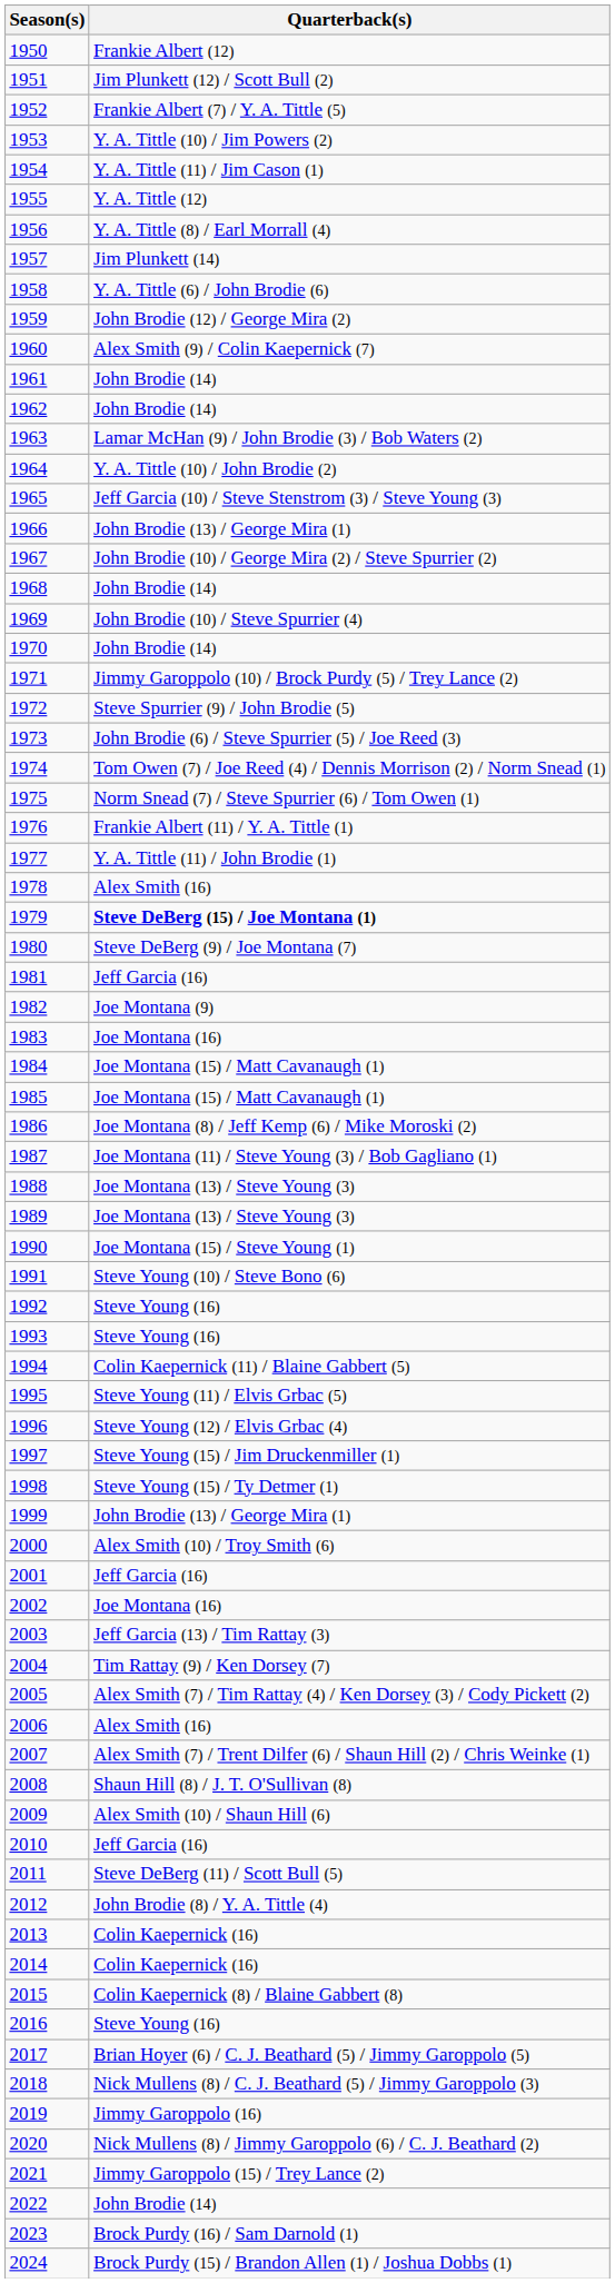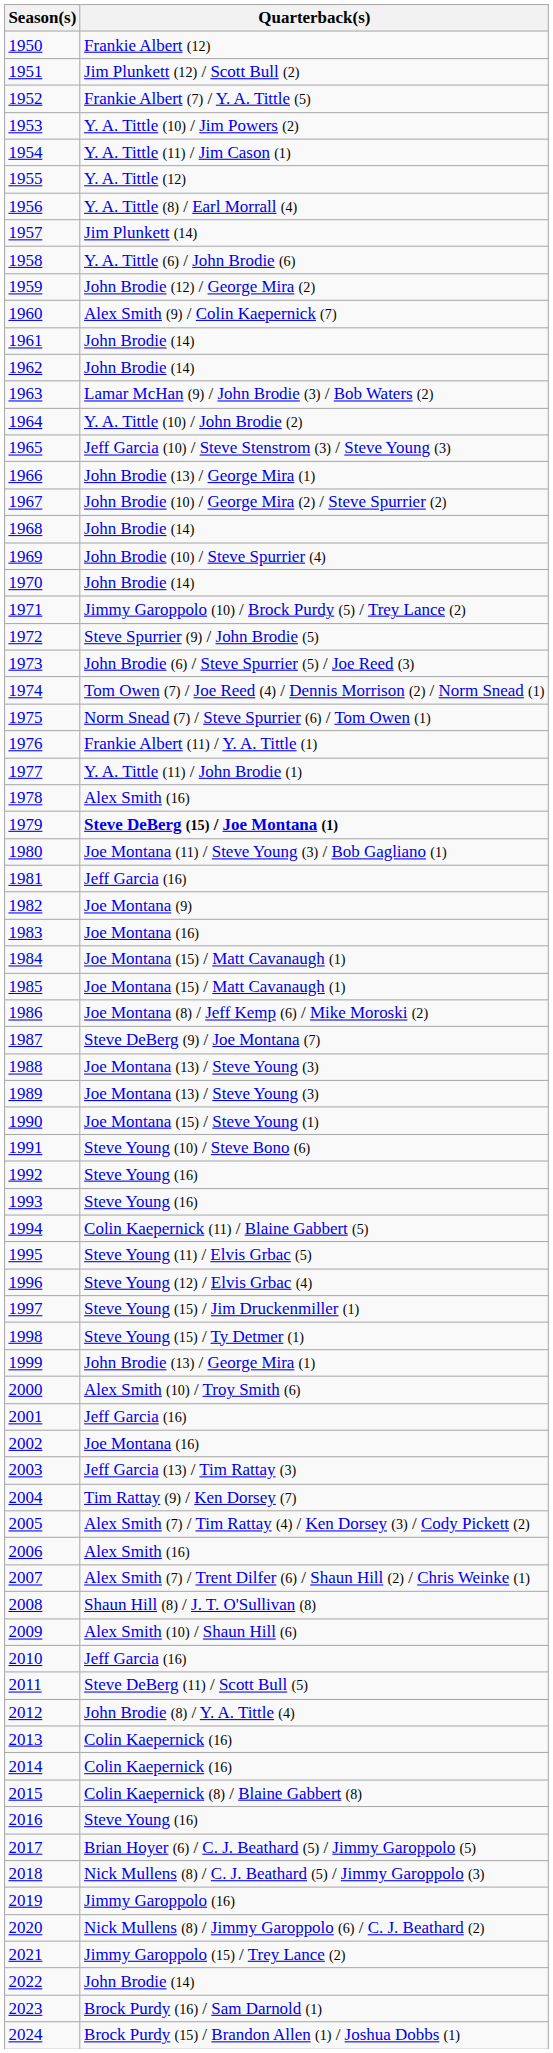 <table class="wikitable">
 <tr>
 <th>Season(s)</th>
 <th>Quarterback(s)</th>
 </tr>
 <tr>
 <td><a href='#'>1950</a></td>
 <td><a href='#'>Frankie Albert</a> <small>(12)</small></td>
 </tr>
 <tr>
 <td><a href='#'>1951</a></td>
 <td><a href='#'>Jim Plunkett</a> <small>(12)</small> / <a href='#'>Scott Bull</a> <small>(2)</small></td>
 </tr>
 <tr>
 <td><a href='#'>1952</a></td>
 <td><a href='#'>Frankie Albert</a> <small>(7)</small> / <a href='#'>Y. A. Tittle</a> <small>(5)</small></td>
 </tr>
 <tr>
 <td><a href='#'>1953</a></td>
 <td><a href='#'>Y. A. Tittle</a> <small>(10)</small> / <a href='#'>Jim Powers</a> <small>(2)</small></td>
 </tr>
 <tr>
 <td><a href='#'>1954</a></td>
 <td><a href='#'>Y. A. Tittle</a> <small>(11)</small> / <a href='#'>Jim Cason</a> <small>(1)</small></td>
 </tr>
 <tr>
 <td><a href='#'>1955</a></td>
 <td><a href='#'>Y. A. Tittle</a> <small>(12)</small></td>
 </tr>
 <tr>
 <td><a href='#'>1956</a></td>
 <td><a href='#'>Y. A. Tittle</a> <small>(8)</small> / <a href='#'>Earl Morrall</a> <small>(4)</small></td>
 </tr>
 <tr>
 <td><a href='#'>1957</a></td>
 <td><a href='#'>Jim Plunkett</a> <small>(14)</small></td>
 </tr>
 <tr>
 <td><a href='#'>1958</a></td>
 <td><a href='#'>Y. A. Tittle</a> <small>(6)</small> / <a href='#'>John Brodie</a> <small>(6)</small></td>
 </tr>
 <tr>
 <td><a href='#'>1959</a></td>
 <td><a href='#'>John Brodie</a> <small>(12)</small> / <a href='#'>George Mira</a> <small>(2)</small></td>
 </tr>
 <tr>
 <td><a href='#'>1960</a></td>
 <td><a href='#'>Alex Smith</a> <small>(9)</small> / <a href='#'>Colin Kaepernick</a> <small>(7)</small></td>
 </tr>
 <tr>
 <td><a href='#'>1961</a></td>
 <td><a href='#'>John Brodie</a> <small>(14)</small></td>
 </tr>
 <tr>
 <td><a href='#'>1962</a></td>
 <td><a href='#'>John Brodie</a> <small>(14)</small></td>
 </tr>
 <tr>
 <td><a href='#'>1963</a></td>
 <td><a href='#'>Lamar McHan</a> <small>(9)</small> / <a href='#'>John Brodie</a> <small>(3)</small> / <a href='#'>Bob Waters</a> <small>(2)</small></td>
 </tr>
 <tr>
 <td><a href='#'>1964</a></td>
 <td><a href='#'>Y. A. Tittle</a> <small>(10)</small> / <a href='#'>John Brodie</a> <small>(2)</small></td>
 </tr>
 <tr>
 <td><a href='#'>1965</a></td>
 <td><a href='#'>Jeff Garcia</a> <small>(10)</small> / <a href='#'>Steve Stenstrom</a> <small>(3)</small> / <a href='#'>Steve Young</a> <small>(3)</small></td>
 </tr>
 <tr>
 <td><a href='#'>1966</a></td>
 <td><a href='#'>John Brodie</a> <small>(13)</small> / <a href='#'>George Mira</a> <small>(1)</small></td>
 </tr>
 <tr>
 <td><a href='#'>1967</a></td>
 <td><a href='#'>John Brodie</a> <small>(10)</small> / <a href='#'>George Mira</a> <small>(2)</small> / <a href='#'>Steve Spurrier</a> <small>(2)</small></td>
 </tr>
 <tr>
 <td><a href='#'>1968</a></td>
 <td><a href='#'>John Brodie</a> <small>(14)</small></td>
 </tr>
 <tr>
 <td><a href='#'>1969</a></td>
 <td><a href='#'>John Brodie</a> <small>(10)</small> / <a href='#'>Steve Spurrier</a> <small>(4)</small></td>
 </tr>
 <tr>
 <td><a href='#'>1970</a></td>
 <td><a href='#'>John Brodie</a> <small>(14)</small></td>
 </tr>
 <tr>
 <td><a href='#'>1971</a></td>
 <td><a href='#'>Jimmy Garoppolo</a> <small>(10)</small> / <a href='#'>Brock Purdy</a> <small>(5)</small> / <a href='#'>Trey Lance</a> <small>(2)</small></td>
 </tr>
 <tr>
 <td><a href='#'>1972</a></td>
 <td><a href='#'>Steve Spurrier</a> <small>(9)</small> / <a href='#'>John Brodie</a> <small>(5)</small></td>
 </tr>
 <tr>
 <td><a href='#'>1973</a></td>
 <td><a href='#'>John Brodie</a> <small>(6)</small> / <a href='#'>Steve Spurrier</a> <small>(5)</small> / <a href='#'>Joe Reed</a> <small>(3)</small></td>
 </tr>
 <tr>
 <td><a href='#'>1974</a></td>
 <td><a href='#'>Tom Owen</a> <small>(7)</small> / <a href='#'>Joe Reed</a> <small>(4)</small> / <a href='#'>Dennis Morrison</a> <small>(2)</small> / <a href='#'>Norm Snead</a> <small>(1)</small></td>
 </tr>
 <tr>
 <td><a href='#'>1975</a></td>
 <td><a href='#'>Norm Snead</a> <small>(7)</small> / <a href='#'>Steve Spurrier</a> <small>(6)</small> / <a href='#'>Tom Owen</a> <small>(1)</small></td>
 </tr>
 <tr>
 <td><a href='#'>1976</a></td>
 <td><a href='#'>Frankie Albert</a> <small>(11)</small> / <a href='#'>Y. A. Tittle</a> <small>(1)</small></td>
 </tr>
 <tr>
 <td><a href='#'>1977</a></td>
 <td><a href='#'>Y. A. Tittle</a> <small>(11)</small> / <a href='#'>John Brodie</a> <small>(1)</small></td>
 </tr>
 <tr>
 <td><a href='#'>1978</a></td>
 <td><a href='#'>Alex Smith</a> <small>(16)</small></td>
 </tr>
 <tr>
 <td><a href='#'>1979</a></td>
 <td><strong><a href='#'>Steve DeBerg</a> <small>(15)</small> / <a href='#'>Joe Montana</a> <small>(1)</small></strong></td>
 </tr>
 <tr>
 <td><a href='#'>1980</a></td>
-<td><a href='#'>Steve DeBerg</a> <small>(9)</small> / <a href='#'>Joe Montana</a> <small>(7)</small></td>
+<td><a href='#'>Joe Montana</a> <small>(11)</small> / <a href='#'>Steve Young</a> <small>(3)</small> / <a href='#'>Bob Gagliano</a> <small>(1)</small></td>
 </tr>
 <tr>
 <td><a href='#'>1981</a></td>
 <td><a href='#'>Jeff Garcia</a> <small>(16)</small></td>
 </tr>
 <tr>
 <td><a href='#'>1982</a></td>
 <td><a href='#'>Joe Montana</a> <small>(9)</small></td>
 </tr>
 <tr>
 <td><a href='#'>1983</a></td>
 <td><a href='#'>Joe Montana</a> <small>(16)</small></td>
 </tr>
 <tr>
 <td><a href='#'>1984</a></td>
 <td><a href='#'>Joe Montana</a> <small>(15)</small> / <a href='#'>Matt Cavanaugh</a> <small>(1)</small></td>
 </tr>
 <tr>
 <td><a href='#'>1985</a></td>
 <td><a href='#'>Joe Montana</a> <small>(15)</small> / <a href='#'>Matt Cavanaugh</a> <small>(1)</small></td>
 </tr>
 <tr>
 <td><a href='#'>1986</a></td>
 <td><a href='#'>Joe Montana</a> <small>(8)</small> / <a href='#'>Jeff Kemp</a> <small>(6)</small> / <a href='#'>Mike Moroski</a> <small>(2)</small></td>
 </tr>
 <tr>
 <td><a href='#'>1987</a></td>
-<td><a href='#'>Joe Montana</a> <small>(11)</small> / <a href='#'>Steve Young</a> <small>(3)</small> / <a href='#'>Bob Gagliano</a> <small>(1)</small></td>
+<td><a href='#'>Steve DeBerg</a> <small>(9)</small> / <a href='#'>Joe Montana</a> <small>(7)</small></td>
 </tr>
 <tr>
 <td><a href='#'>1988</a></td>
 <td><a href='#'>Joe Montana</a> <small>(13)</small> / <a href='#'>Steve Young</a> <small>(3)</small></td>
 </tr>
 <tr>
 <td><a href='#'>1989</a></td>
 <td><a href='#'>Joe Montana</a> <small>(13)</small> / <a href='#'>Steve Young</a> <small>(3)</small></td>
 </tr>
 <tr>
 <td><a href='#'>1990</a></td>
 <td><a href='#'>Joe Montana</a> <small>(15)</small> / <a href='#'>Steve Young</a> <small>(1)</small></td>
 </tr>
 <tr>
 <td><a href='#'>1991</a></td>
 <td><a href='#'>Steve Young</a> <small>(10)</small> / <a href='#'>Steve Bono</a> <small>(6)</small></td>
 </tr>
 <tr>
 <td><a href='#'>1992</a></td>
 <td><a href='#'>Steve Young</a> <small>(16)</small></td>
 </tr>
 <tr>
 <td><a href='#'>1993</a></td>
 <td><a href='#'>Steve Young</a> <small>(16)</small></td>
 </tr>
 <tr>
 <td><a href='#'>1994</a></td>
 <td><a href='#'>Colin Kaepernick</a> <small>(11)</small> / <a href='#'>Blaine Gabbert</a> <small>(5)</small></td>
 </tr>
 <tr>
 <td><a href='#'>1995</a></td>
 <td><a href='#'>Steve Young</a> <small>(11)</small> / <a href='#'>Elvis Grbac</a> <small>(5)</small></td>
 </tr>
 <tr>
 <td><a href='#'>1996</a></td>
 <td><a href='#'>Steve Young</a> <small>(12)</small> / <a href='#'>Elvis Grbac</a> <small>(4)</small></td>
 </tr>
 <tr>
 <td><a href='#'>1997</a></td>
 <td><a href='#'>Steve Young</a> <small>(15)</small> / <a href='#'>Jim Druckenmiller</a> <small>(1)</small></td>
 </tr>
 <tr>
 <td><a href='#'>1998</a></td>
 <td><a href='#'>Steve Young</a> <small>(15)</small> / <a href='#'>Ty Detmer</a> <small>(1)</small></td>
 </tr>
 <tr>
 <td><a href='#'>1999</a></td>
 <td><a href='#'>John Brodie</a> <small>(13)</small> / <a href='#'>George Mira</a> <small>(1)</small></td>
 </tr>
 <tr>
 <td><a href='#'>2000</a></td>
 <td><a href='#'>Alex Smith</a> <small>(10)</small> / <a href='#'>Troy Smith</a> <small>(6)</small></td>
 </tr>
 <tr>
 <td><a href='#'>2001</a></td>
 <td><a href='#'>Jeff Garcia</a> <small>(16)</small></td>
 </tr>
 <tr>
 <td><a href='#'>2002</a></td>
 <td><a href='#'>Joe Montana</a> <small>(16)</small></td>
 </tr>
 <tr>
 <td><a href='#'>2003</a></td>
 <td><a href='#'>Jeff Garcia</a> <small>(13)</small> / <a href='#'>Tim Rattay</a> <small>(3)</small></td>
 </tr>
 <tr>
 <td><a href='#'>2004</a></td>
 <td><a href='#'>Tim Rattay</a> <small>(9)</small> / <a href='#'>Ken Dorsey</a> <small>(7)</small></td>
 </tr>
 <tr>
 <td><a href='#'>2005</a></td>
 <td><a href='#'>Alex Smith</a> <small>(7)</small> / <a href='#'>Tim Rattay</a> <small>(4)</small> / <a href='#'>Ken Dorsey</a> <small>(3)</small> / <a href='#'>Cody Pickett</a> <small>(2)</small></td>
 </tr>
 <tr>
 <td><a href='#'>2006</a></td>
 <td><a href='#'>Alex Smith</a> <small>(16)</small></td>
 </tr>
 <tr>
 <td><a href='#'>2007</a></td>
 <td><a href='#'>Alex Smith</a> <small>(7)</small> / <a href='#'>Trent Dilfer</a> <small>(6)</small> / <a href='#'>Shaun Hill</a> <small>(2)</small> / <a href='#'>Chris Weinke</a> <small>(1)</small></td>
 </tr>
 <tr>
 <td><a href='#'>2008</a></td>
 <td><a href='#'>Shaun Hill</a> <small>(8)</small> / <a href='#'>J. T. O'Sullivan</a> <small>(8)</small></td>
 </tr>
 <tr>
 <td><a href='#'>2009</a></td>
 <td><a href='#'>Alex Smith</a> <small>(10)</small> / <a href='#'>Shaun Hill</a> <small>(6)</small></td>
 </tr>
 <tr>
 <td><a href='#'>2010</a></td>
 <td><a href='#'>Jeff Garcia</a> <small>(16)</small></td>
 </tr>
 <tr>
 <td><a href='#'>2011</a></td>
 <td><a href='#'>Steve DeBerg</a> <small>(11)</small> / <a href='#'>Scott Bull</a> <small>(5)</small></td>
 </tr>
 <tr>
 <td><a href='#'>2012</a></td>
 <td><a href='#'>John Brodie</a> <small>(8)</small> / <a href='#'>Y. A. Tittle</a> <small>(4)</small></td>
 </tr>
 <tr>
 <td><a href='#'>2013</a></td>
 <td><a href='#'>Colin Kaepernick</a> <small>(16)</small></td>
 </tr>
 <tr>
 <td><a href='#'>2014</a></td>
 <td><a href='#'>Colin Kaepernick</a> <small>(16)</small></td>
 </tr>
 <tr>
 <td><a href='#'>2015</a></td>
 <td><a href='#'>Colin Kaepernick</a> <small>(8)</small> / <a href='#'>Blaine Gabbert</a> <small>(8)</small></td>
 </tr>
 <tr>
 <td><a href='#'>2016</a></td>
 <td><a href='#'>Steve Young</a> <small>(16)</small></td>
 </tr>
 <tr>
 <td><a href='#'>2017</a></td>
 <td><a href='#'>Brian Hoyer</a> <small>(6)</small> / <a href='#'>C. J. Beathard</a> <small>(5)</small> / <a href='#'>Jimmy Garoppolo</a> <small>(5)</small></td>
 </tr>
 <tr>
 <td><a href='#'>2018</a></td>
 <td><a href='#'>Nick Mullens</a> <small>(8)</small> / <a href='#'>C. J. Beathard</a> <small>(5)</small> / <a href='#'>Jimmy Garoppolo</a> <small>(3)</small></td>
 </tr>
 <tr>
 <td><a href='#'>2019</a></td>
 <td><a href='#'>Jimmy Garoppolo</a> <small>(16)</small></td>
 </tr>
 <tr>
 <td><a href='#'>2020</a></td>
 <td><a href='#'>Nick Mullens</a> <small>(8)</small> / <a href='#'>Jimmy Garoppolo</a> <small>(6)</small> / <a href='#'>C. J. Beathard</a> <small>(2)</small></td>
 </tr>
 <tr>
 <td><a href='#'>2021</a></td>
 <td><a href='#'>Jimmy Garoppolo</a> <small>(15)</small> / <a href='#'>Trey Lance</a> <small>(2)</small></td>
 </tr>
 <tr>
 <td><a href='#'>2022</a></td>
 <td><a href='#'>John Brodie</a> <small>(14)</small></td>
 </tr>
 <tr>
 <td><a href='#'>2023</a></td>
 <td><a href='#'>Brock Purdy</a> <small>(16)</small> / <a href='#'>Sam Darnold</a> <small>(1)</small></td>
 </tr>
 <tr>
 <td><a href='#'>2024</a></td>
 <td><a href='#'>Brock Purdy</a> <small>(15)</small> / <a href='#'>Brandon Allen</a> <small>(1)</small> / <a href='#'>Joshua Dobbs</a> <small>(1)</small></td>
 </tr>
 </table>
